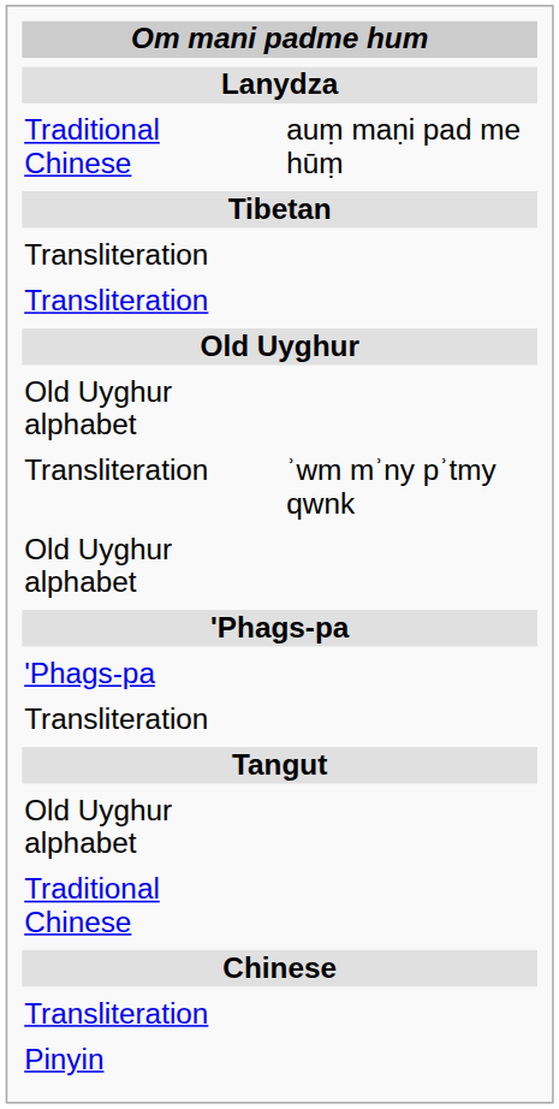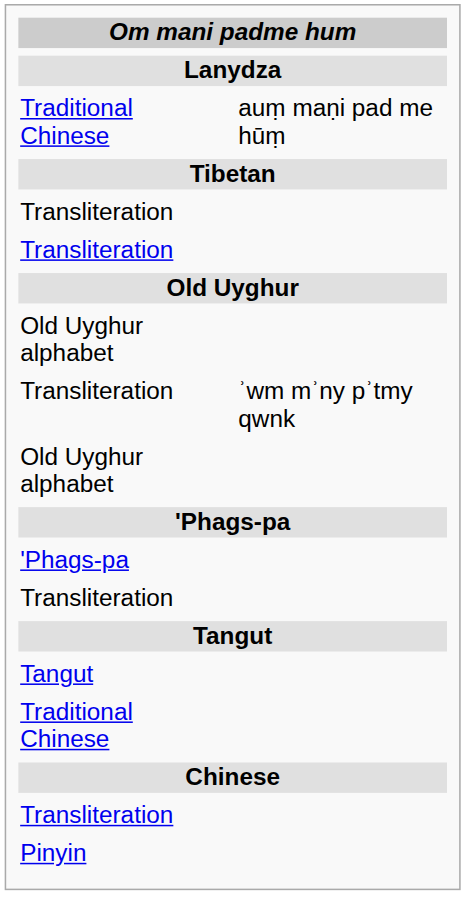 <table class="infobox" cellspacing="5" width="300px">
 <tr>
 <th colspan="2" align="center" bgcolor="#CCCCCC"><strong><em>Om mani padme hum</em></strong></th>
 </tr>
 <tr>
 <th colspan="2" align="center" bgcolor="#e0e0e0"><strong>Lanydza</strong></th>
 </tr>
 <tr>
 <td><a href='#'>Traditional Chinese</a></td>
 <td>auṃ maṇi pad me hūṃ</td>
 </tr>
 <tr>
 <th colspan="2" align="center" bgcolor="#e0e0e0"><strong>Tibetan</strong></th>
 </tr>
 <tr>
 <td>Transliteration</td>
 <td></td>
 </tr>
 <tr>
 <td><a href='#'>Transliteration</a></td>
 <td></td>
 </tr>
 <tr>
 <th colspan="2" align="center" bgcolor="#e0e0e0"><strong>Old Uyghur</strong></th>
 </tr>
 <tr>
 <td>Old Uyghur alphabet</td>
 <td></td>
 </tr>
 <tr>
 <td>Transliteration</td>
 <td>ʾwm mʾny pʾtmy qwnk</td>
 </tr>
 <tr>
 <td>Old Uyghur alphabet</td>
 <td></td>
 </tr>
 <tr>
 <th colspan="2" align="center" bgcolor="#e0e0e0"><strong>'Phags-pa</strong></th>
 </tr>
 <tr>
 <td><a href='#'>'Phags-pa</a></td>
 <td>     </td>
 </tr>
 <tr>
 <td>Transliteration</td>
 <td></td>
 </tr>
 <tr>
 <th colspan="2" align="center" bgcolor="#e0e0e0"><strong>Tangut</strong></th>
 </tr>
 <tr>
-<td>Old Uyghur alphabet</td>
+<td><a href='#'>Tangut</a></td>
 <td></td>
 </tr>
 <tr>
 <td><a href='#'>Traditional Chinese</a></td>
 <td></td>
 </tr>
 <tr>
 <th colspan="2" align="center" bgcolor="#e0e0e0"><strong>Chinese</strong></th>
 </tr>
 <tr>
 <td><a href='#'>Transliteration</a></td>
 <td></td>
 </tr>
 <tr>
 <td><a href='#'>Pinyin</a></td>
 <td></td>
 </tr>
 <tr>
 </tr>
 </table>
